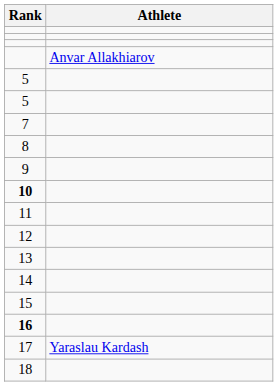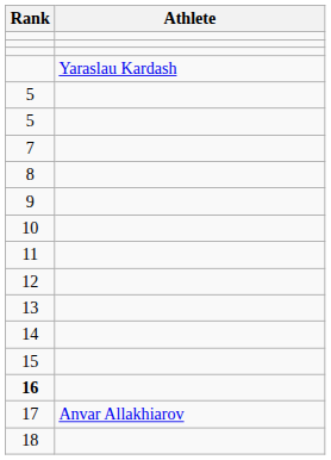 <table class="wikitable" style="text-align: center;">
 <tr>
 <th width=40>Rank</th>
 <th width=250>Athlete</th>
 </tr>
 <tr>
 <td></td>
 <td align="left"></td>
 </tr>
 <tr>
 <td></td>
 <td align="left"></td>
 </tr>
 <tr>
 <td></td>
 <td align="left"></td>
 </tr>
 <tr>
 <td></td>
-<td align="left"> <a href='#'>Anvar Allakhiarov</a> </td>
+<td align="left"> <a href='#'>Yaraslau Kardash</a> </td>
 </tr>
 <tr>
 <td>5</td>
 <td align="left"></td>
 </tr>
 <tr>
 <td>5</td>
 <td align="left"></td>
 </tr>
 <tr>
 <td>7</td>
 <td align="left"></td>
 </tr>
 <tr>
 <td>8</td>
 <td align="left"></td>
 </tr>
 <tr>
 <td>9</td>
 <td align="left"></td>
 </tr>
 <tr>
-<td><strong>10</strong></td>
+<td>10</td>
 <td align="left"></td>
 </tr>
 <tr>
 <td>11</td>
 <td align="left"></td>
 </tr>
 <tr>
 <td>12</td>
 <td align="left"></td>
 </tr>
 <tr>
 <td>13</td>
 <td align="left"></td>
 </tr>
 <tr>
 <td>14</td>
 <td align="left"></td>
 </tr>
 <tr>
 <td>15</td>
 <td align="left"></td>
 </tr>
 <tr>
 <td><strong>16</strong></td>
 <td align="left"></td>
 </tr>
 <tr>
 <td>17</td>
-<td align="left"> <a href='#'>Yaraslau Kardash</a> </td>
+<td align="left"> <a href='#'>Anvar Allakhiarov</a> </td>
 </tr>
 <tr>
 <td>18</td>
 <td align="left"></td>
 </tr>
 </table>
